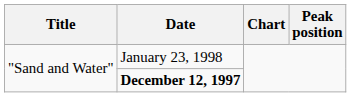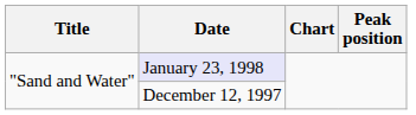 <table class="wikitable">
 <tr>
 <th>Title</th>
 <th>Date</th>
 <th>Chart</th>
 <th>Peak<br>position</th>
 </tr>
 <tr>
 <td rowspan="2">"Sand and Water"</td>
-<td>January 23, 1998<br></td>
+<td style="background: lavender;">January 23, 1998<br></td>
 </tr>
 <tr>
-<td><strong>December 12, 1997<br></strong></td>
+<td>December 12, 1997<br></td>
 </tr>
 </table>
